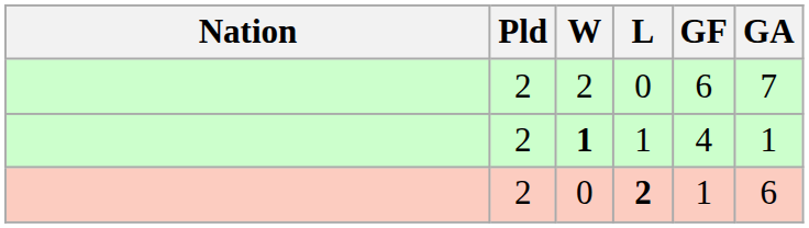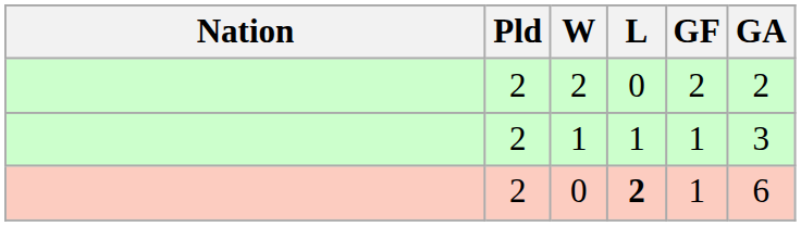 <table class=wikitable style="text-align:center">
 <tr>
 <th width=220>Nation</th>
 <th width=20>Pld</th>
 <th width=20>W</th>
 <th width=20>L</th>
 <th width=20>GF</th>
 <th width=20>GA</th>
 </tr>
 <tr bgcolor="#ccffcc">
 <td align=left></td>
 <td>2</td>
 <td>2</td>
 <td>0</td>
-<td>6</td>
-<td>7</td>
+<td>2</td>
+<td>2</td>
 </tr>
 <tr bgcolor="#ccffcc">
 <td align=left></td>
 <td>2</td>
-<td><strong>1</strong></td>
 <td>1</td>
-<td>4</td>
 <td>1</td>
+<td>1</td>
+<td>3</td>
 </tr>
 <tr bgcolor="#fcccc">
 <td align=left></td>
 <td>2</td>
 <td>0</td>
 <td><strong>2</strong></td>
 <td>1</td>
 <td>6</td>
 </tr>
 </table>
